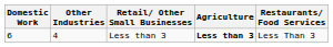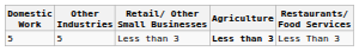 <table class="wikitable sortable mw-collapsible">
 <tr>
 <th class="headerSort" tabindex="0" role="columnheader button" title="Sort ascending">Domestic<br>Work</th>
 <th class="headerSort" tabindex="0" role="columnheader button" title="Sort ascending">Other<br>Industries</th>
 <th class="headerSort" tabindex="0" role="columnheader button" title="Sort ascending">Retail/ Other<br>Small Businesses</th>
 <th class="headerSort" tabindex="0" role="columnheader button" title="Sort ascending">Agriculture</th>
 <th class="headerSort" tabindex="0" role="columnheader button" title="Sort ascending">Restaurants/<br>Food Services</th>
 </tr>
 <tr>
-<td>6</td>
-<td>4</td>
+<td>5</td>
+<td>5</td>
 <td>Less than 3</td>
 <td><strong>Less than 3</strong></td>
 <td>Less Than 3</td>
 </tr>
 </table>
